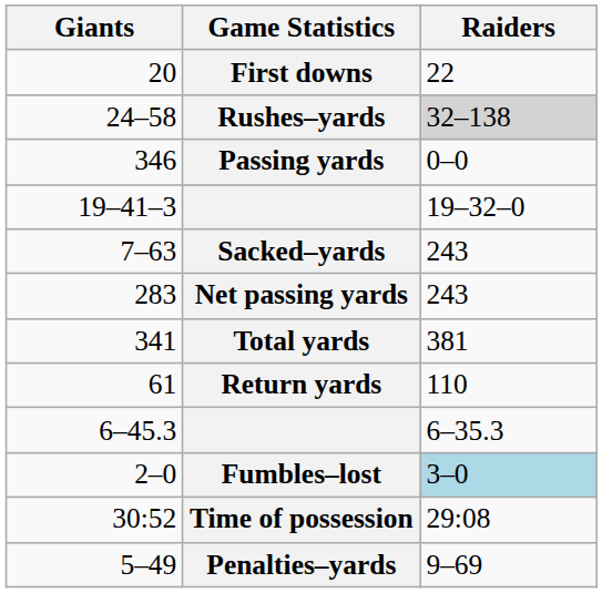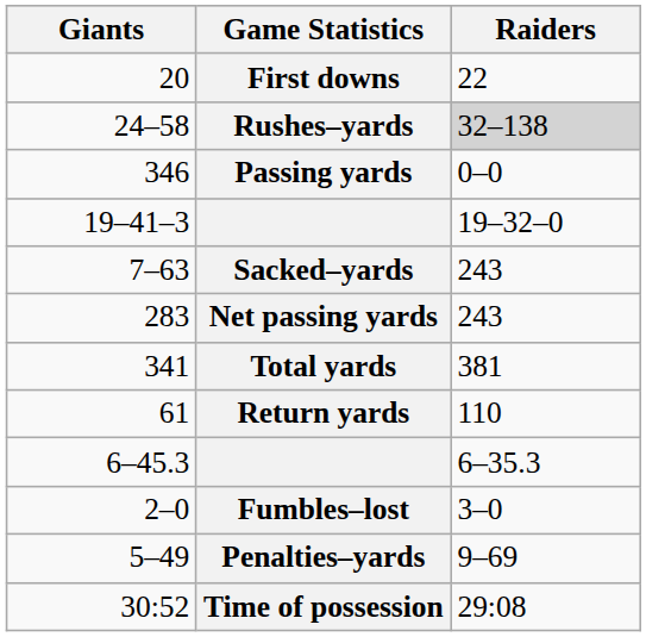 <table class="wikitable" style="margin: 1em auto 1em auto">
 <tr>
 <th style="width:30%;">Giants</th>
 <th style="width:40%;">Game Statistics</th>
 <th style="width:30%;">Raiders</th>
 </tr>
 <tr>
 <td style="text-align:right;">20</td>
 <th>First downs</th>
 <td>22</td>
 </tr>
 <tr>
 <td style="text-align:right;">24–58</td>
 <th>Rushes–yards</th>
 <td style="background: lightgrey;">32–138</td>
 </tr>
 <tr>
 <td style="text-align:right;">346</td>
 <th>Passing yards</th>
 <td>0–0</td>
 </tr>
 <tr>
 <td style="text-align:right;">19–41–3</td>
 <th></th>
 <td>19–32–0</td>
 </tr>
 <tr>
 <td style="text-align:right;">7–63</td>
 <th>Sacked–yards</th>
 <td>243</td>
 </tr>
 <tr>
 <td style="text-align:right;">283</td>
 <th>Net passing yards</th>
 <td>243</td>
 </tr>
 <tr>
 <td style="text-align:right;">341</td>
 <th>Total yards</th>
 <td>381</td>
 </tr>
 <tr>
 <td style="text-align:right;">61</td>
 <th>Return yards</th>
 <td>110</td>
 </tr>
 <tr>
 <td style="text-align:right;">6–45.3</td>
 <th></th>
 <td>6–35.3</td>
 </tr>
 <tr>
 <td style="text-align:right;">2–0</td>
 <th>Fumbles–lost</th>
-<td style="background: lightblue;">3–0</td>
+<td>3–0</td>
+</tr>
+<tr>
+<td style="text-align:right;">5–49</td>
+<th>Penalties–yards</th>
+<td>9–69</td>
 </tr>
 <tr>
 <td style="text-align:right;">30:52</td>
 <th>Time of possession</th>
 <td>29:08</td>
 </tr>
-<tr>
-<td style="text-align:right;">5–49</td>
-<th>Penalties–yards</th>
-<td>9–69</td>
-</tr>
 </table>
